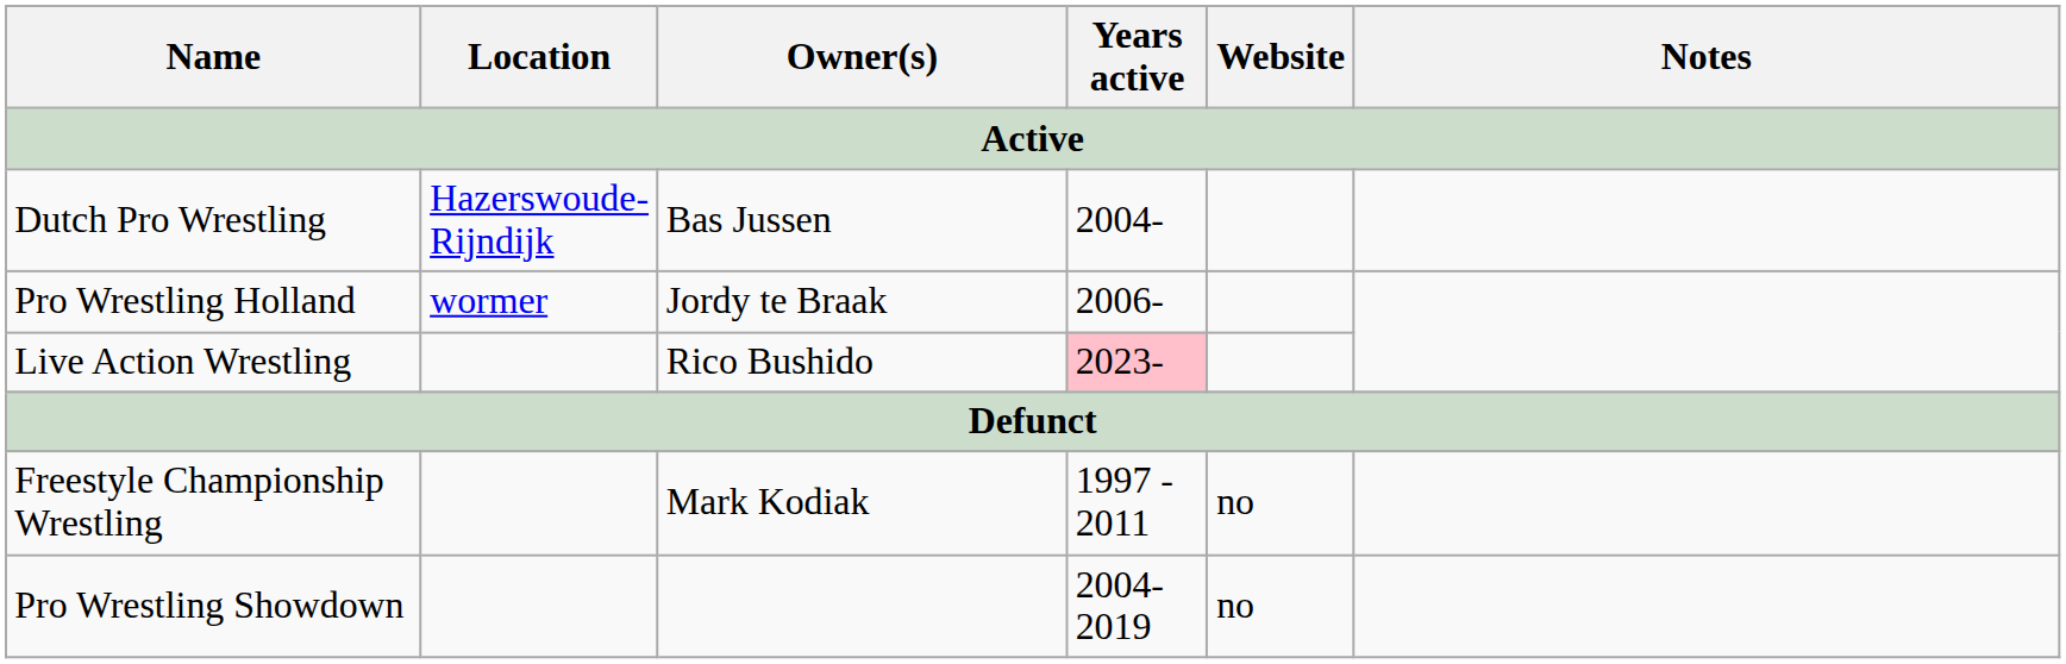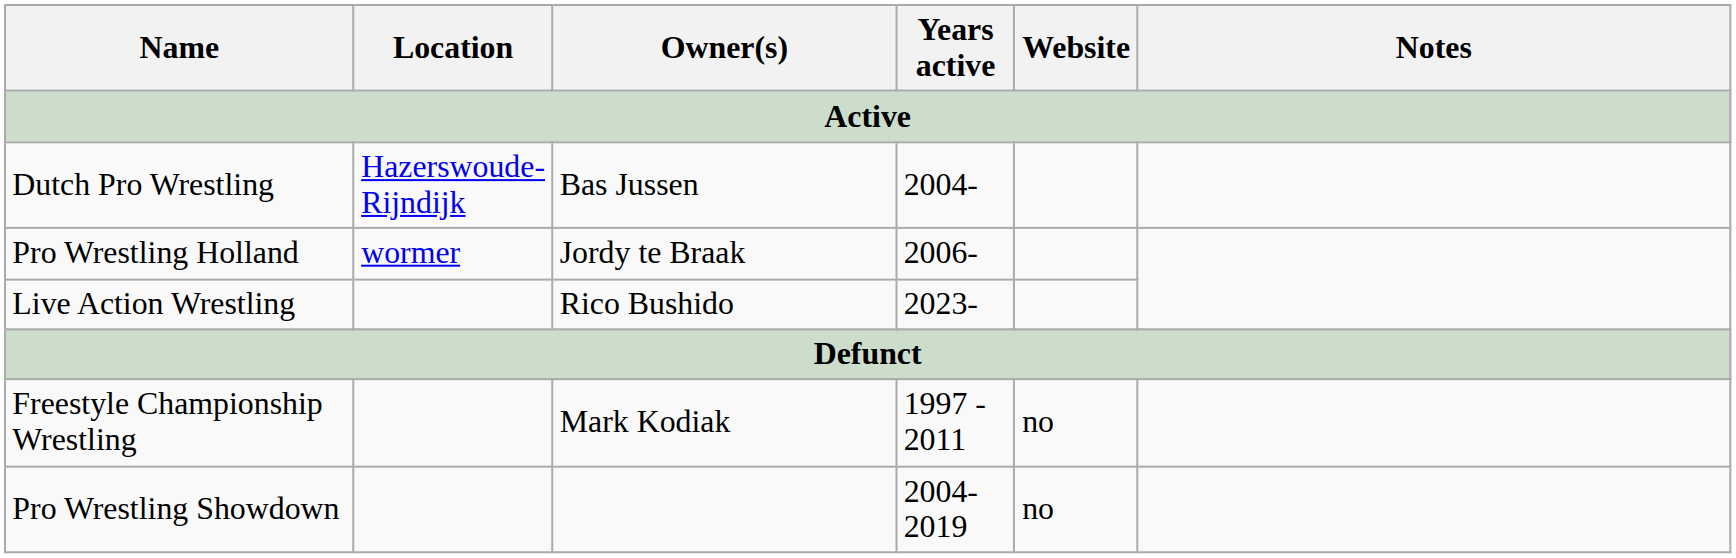 <table class="wikitable sortable" style="text-align: left;">
 <tr>
 <th width="21%">Name</th>
 <th width="7%">Location</th>
 <th width="21%">Owner(s)</th>
 <th width="7%">Years active</th>
 <th width="7%">Website</th>
 <th width="55%">Notes</th>
 </tr>
 <tr>
 <td colspan="6" style="background: #ccddcc;" align="center"><strong>Active</strong></td>
 </tr>
 <tr>
 <td>Dutch Pro Wrestling</td>
 <td><a href='#'>Hazerswoude-Rijndijk</a></td>
 <td>Bas Jussen</td>
 <td>2004-</td>
 <td></td>
 <td></td>
 </tr>
 <tr>
 <td>Pro Wrestling Holland</td>
 <td><a href='#'>wormer</a></td>
 <td>Jordy te Braak</td>
 <td>2006-</td>
 <td></td>
 </tr>
 <tr>
 <td>Live Action Wrestling</td>
 <td></td>
 <td>Rico Bushido</td>
-<td style="background: pink;">2023-</td>
+<td>2023-</td>
 <td></td>
 </tr>
 <tr>
 <td colspan=7 style="background: #ccddcc;" align=center><strong>Defunct</strong></td>
 </tr>
 <tr>
 <td>Freestyle Championship Wrestling</td>
 <td></td>
 <td>Mark Kodiak</td>
 <td>1997 - 2011</td>
 <td>no</td>
 <td></td>
 </tr>
 <tr>
 <td>Pro Wrestling Showdown</td>
 <td></td>
 <td></td>
 <td>2004-2019</td>
 <td>no</td>
 <td></td>
 </tr>
 </table>
